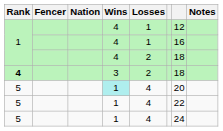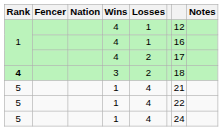 <table class="wikitable sortable" style="text-align: center;">
 <tr>
 <th>Rank</th>
 <th>Fencer</th>
 <th>Nation</th>
 <th>Wins</th>
 <th>Losses</th>
 <th></th>
 <th></th>
 <th>Notes</th>
 </tr>
 <tr style="background:#bbf3bb;">
 <td rowspan=3>1</td>
 <td align=left></td>
 <td align=left></td>
 <td>4</td>
 <td>1</td>
 <td></td>
 <td>12</td>
 <td></td>
 </tr>
 <tr style="background:#bbf3bb;">
 <td align=left></td>
 <td align=left></td>
 <td>4</td>
 <td>1</td>
 <td></td>
 <td>16</td>
 <td></td>
 </tr>
 <tr style="background:#bbf3bb;">
 <td align=left></td>
 <td align=left></td>
 <td>4</td>
 <td>2</td>
 <td></td>
-<td>18</td>
+<td>17</td>
 <td></td>
 </tr>
 <tr style="background:#bbf3bb;">
 <td><strong>4</strong></td>
 <td align=left></td>
 <td align=left></td>
 <td>3</td>
 <td>2</td>
 <td></td>
 <td>18</td>
 <td></td>
 </tr>
 <tr>
 <td>5</td>
 <td align=left></td>
 <td align=left></td>
-<td style="background: paleturquoise;">1</td>
+<td>1</td>
 <td>4</td>
 <td></td>
-<td>20</td>
+<td>21</td>
 <td></td>
 </tr>
 <tr>
 <td>5</td>
 <td align=left></td>
 <td align=left></td>
 <td>1</td>
 <td>4</td>
 <td></td>
 <td>22</td>
 <td></td>
 </tr>
 <tr>
 <td>5</td>
 <td align=left></td>
 <td align=left></td>
 <td>1</td>
 <td>4</td>
 <td></td>
 <td>24</td>
 <td></td>
 </tr>
 </table>
